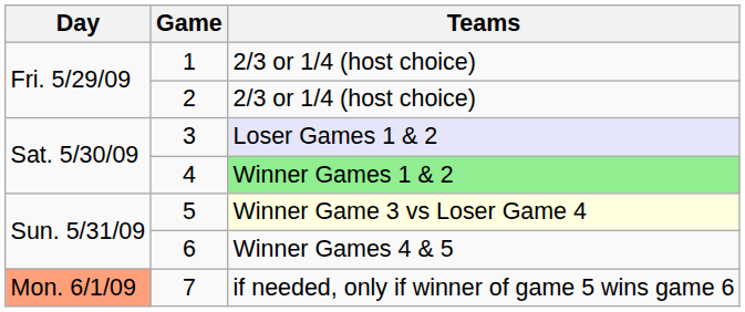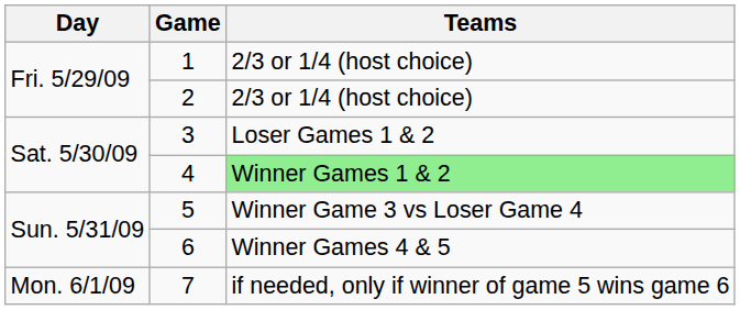 <table class="wikitable">
 <tr style="background: #F2F2F2;">
 <th>Day</th>
 <th>Game</th>
 <th>Teams</th>
 </tr>
 <tr>
 <td rowspan=2>Fri. 5/29/09</td>
 <td align=center>1</td>
 <td>2/3 or 1/4 (host choice)</td>
 </tr>
 <tr>
 <td align=center>2</td>
 <td>2/3 or 1/4 (host choice)</td>
 </tr>
 <tr>
 <td rowspan=2>Sat. 5/30/09</td>
 <td align=center>3</td>
-<td style="background: lavender;">Loser Games 1 & 2</td>
+<td>Loser Games 1 & 2</td>
 </tr>
 <tr>
 <td align=center>4</td>
 <td style="background: lightgreen;">Winner Games 1 & 2</td>
 </tr>
 <tr>
 <td rowspan=2>Sun. 5/31/09</td>
 <td align=center>5</td>
-<td style="background: lightyellow;">Winner Game 3 vs Loser Game 4</td>
+<td>Winner Game 3 vs Loser Game 4</td>
 </tr>
 <tr>
 <td align=center>6</td>
 <td>Winner Games 4 & 5</td>
 </tr>
 <tr>
-<td style="background: lightsalmon;">Mon. 6/1/09</td>
+<td>Mon. 6/1/09</td>
 <td align=center>7</td>
 <td>if needed, only if winner of game 5 wins game 6</td>
 </tr>
 </table>
